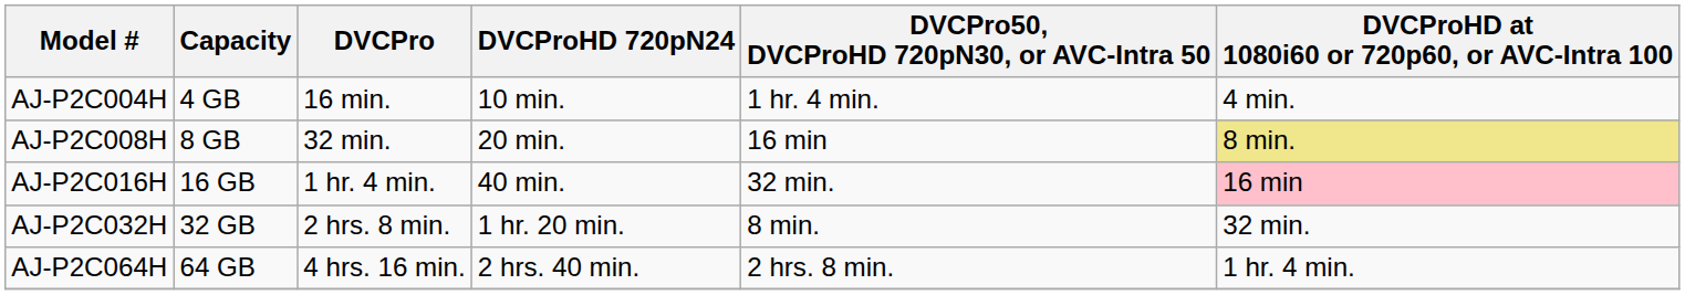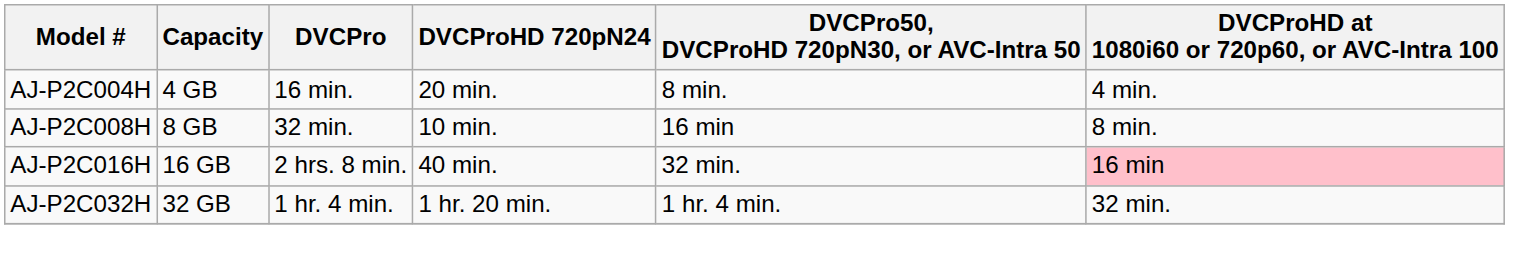 <table class="wikitable">
 <tr>
 <th>Model #</th>
 <th>Capacity</th>
 <th>DVCPro</th>
 <th>DVCProHD 720pN24</th>
 <th>DVCPro50,<br>DVCProHD 720pN30, or AVC-Intra 50</th>
 <th>DVCProHD at<br>1080i60 or 720p60, or AVC-Intra 100</th>
 </tr>
 <tr>
 <td>AJ-P2C004H</td>
 <td>4 GB</td>
 <td>16 min.</td>
-<td>10 min.</td>
-<td>1 hr. 4 min.</td>
+<td>20 min.</td>
+<td>8 min.</td>
 <td>4 min.</td>
 </tr>
 <tr>
 <td>AJ-P2C008H</td>
 <td>8 GB</td>
 <td>32 min.</td>
-<td>20 min.</td>
+<td>10 min.</td>
 <td>16 min</td>
-<td style="background: khaki;">8 min.</td>
+<td>8 min.</td>
 </tr>
 <tr>
 <td>AJ-P2C016H</td>
 <td>16 GB</td>
-<td>1 hr. 4 min.</td>
+<td>2 hrs. 8 min.</td>
 <td>40 min.</td>
 <td>32 min.</td>
 <td style="background: pink;">16 min</td>
 </tr>
 <tr>
 <td>AJ-P2C032H</td>
 <td>32 GB</td>
-<td>2 hrs. 8 min.</td>
+<td>1 hr. 4 min.</td>
 <td>1 hr. 20 min.</td>
-<td>8 min.</td>
+<td>1 hr. 4 min.</td>
 <td>32 min.</td>
-</tr>
-<tr>
-<td>AJ-P2C064H</td>
-<td>64 GB</td>
-<td>4 hrs. 16 min.</td>
-<td>2 hrs. 40 min.</td>
-<td>2 hrs. 8 min.</td>
-<td>1 hr. 4 min.</td>
 </tr>
 <tr>
 </tr>
 </table>
